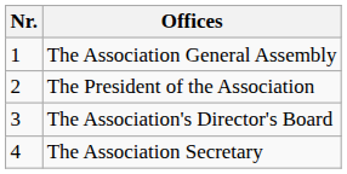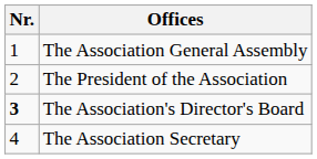 <table class="wikitable" border="1">
 <tr>
 <th>Nr.</th>
 <th>Offices</th>
 </tr>
 <tr>
 <td>1</td>
 <td>The Association General Assembly</td>
 </tr>
 <tr>
 <td>2</td>
 <td>The President of the Association</td>
 </tr>
 <tr>
-<td>3</td>
+<td><strong>3</strong></td>
 <td>The Association's Director's Board</td>
 </tr>
 <tr>
 <td>4</td>
 <td>The Association Secretary</td>
 </tr>
 </table>
